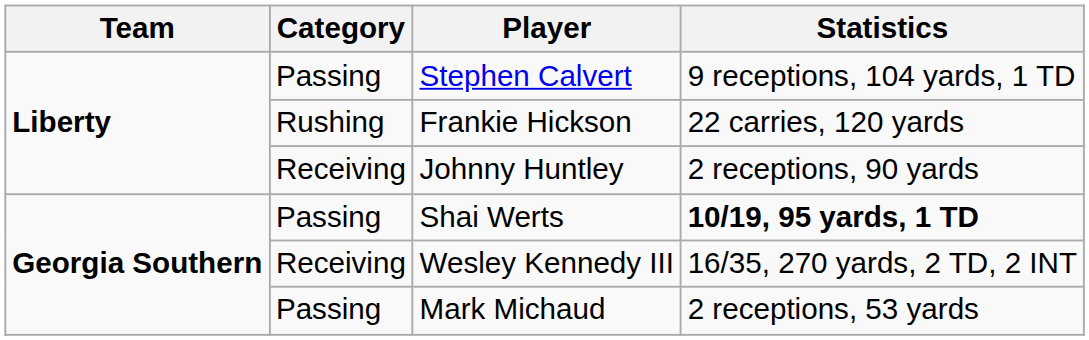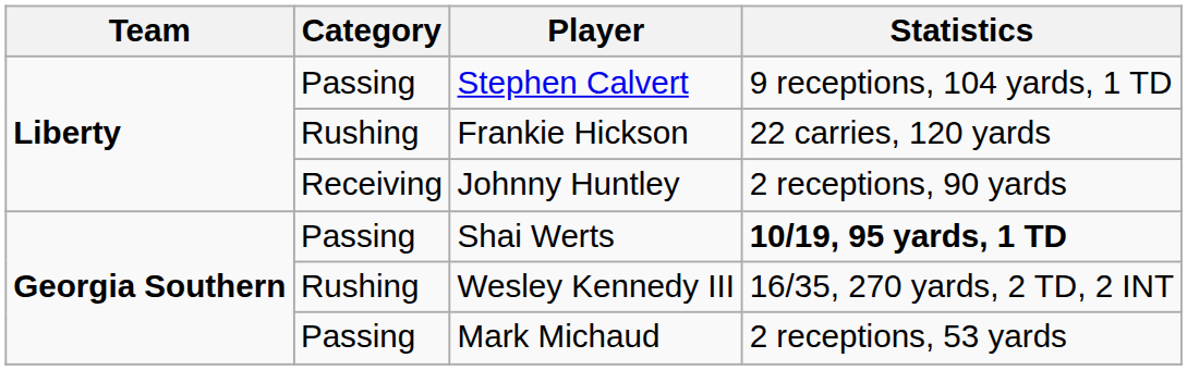 <table class="wikitable" style="float: right;">
 <tr>
 <th>Team</th>
 <th>Category</th>
 <th>Player</th>
 <th>Statistics</th>
 </tr>
 <tr>
 <td rowspan=3><strong>Liberty</strong></td>
 <td>Passing</td>
 <td><a href='#'>Stephen Calvert</a></td>
 <td>9 receptions, 104 yards, 1 TD</td>
 </tr>
 <tr>
 <td>Rushing</td>
 <td>Frankie Hickson</td>
 <td>22 carries, 120 yards</td>
 </tr>
 <tr>
 <td>Receiving</td>
 <td>Johnny Huntley</td>
 <td>2 receptions, 90 yards</td>
 </tr>
 <tr>
 <td rowspan=3><strong>Georgia Southern</strong></td>
 <td>Passing</td>
 <td>Shai Werts</td>
 <td><strong>10/19, 95 yards, 1 TD</strong></td>
 </tr>
 <tr>
-<td>Receiving</td>
+<td>Rushing</td>
 <td>Wesley Kennedy III</td>
 <td>16/35, 270 yards, 2 TD, 2 INT</td>
 </tr>
 <tr>
 <td>Passing</td>
 <td>Mark Michaud</td>
 <td>2 receptions, 53 yards</td>
 </tr>
 </table>
